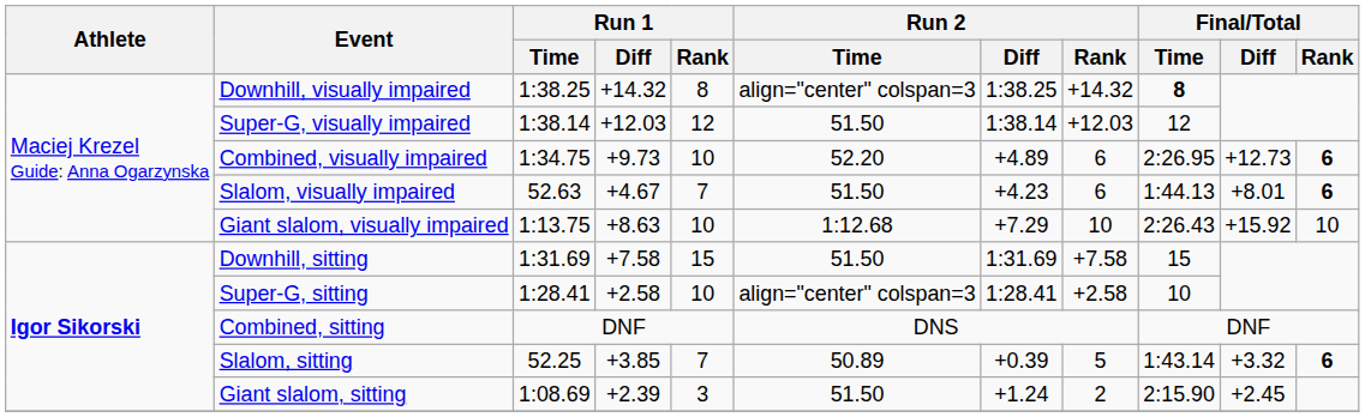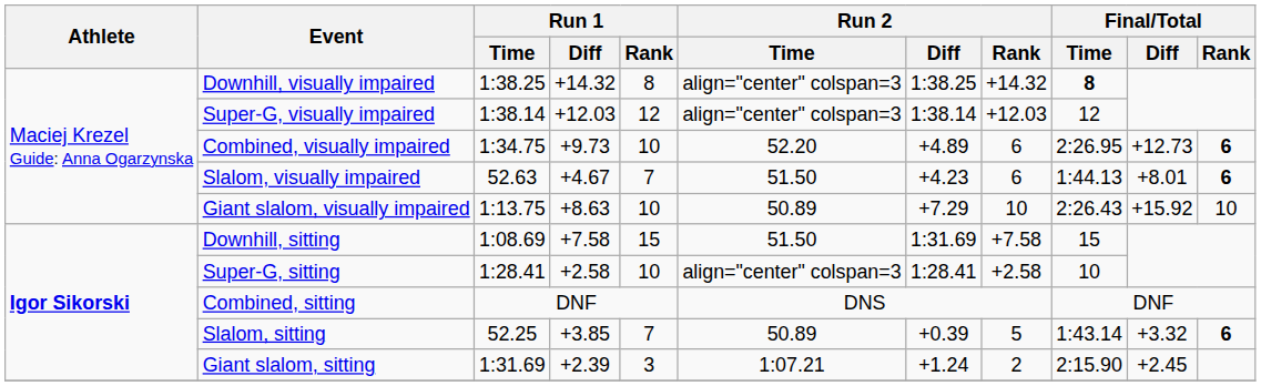 <table class="wikitable" style="font-size:90%">
 <tr>
 <th rowspan="2">Athlete</th>
 <th rowspan="2">Event</th>
 <th colspan="3">Run 1</th>
 <th colspan="3">Run 2</th>
 <th colspan="3">Final/Total</th>
 </tr>
 <tr>
 <th>Time</th>
 <th>Diff</th>
 <th>Rank</th>
 <th>Time</th>
 <th>Diff</th>
 <th>Rank</th>
 <th>Time</th>
 <th>Diff</th>
 <th>Rank</th>
 </tr>
 <tr>
 <td rowspan=5><a href='#'>Maciej Krezel</a><br><small><a href='#'>Guide</a>: <a href='#'>Anna Ogarzynska</a></small></td>
 <td><a href='#'>Downhill, visually impaired</a></td>
 <td align="center">1:38.25</td>
 <td align="center">+14.32</td>
 <td align="center">8</td>
 <td>align="center" colspan=3 </td>
 <td align="center">1:38.25</td>
 <td align="center">+14.32</td>
 <td align="center"><strong>8</strong></td>
 </tr>
 <tr>
 <td><a href='#'>Super-G, visually impaired</a></td>
 <td align="center">1:38.14</td>
 <td align="center">+12.03</td>
 <td align="center">12</td>
-<td align="center">51.50</td>
+<td>align="center" colspan=3 </td>
 <td align="center">1:38.14</td>
 <td align="center">+12.03</td>
 <td align="center">12</td>
 </tr>
 <tr>
 <td><a href='#'>Combined, visually impaired</a></td>
 <td align="center">1:34.75</td>
 <td align="center">+9.73</td>
 <td align="center">10</td>
 <td align="center">52.20</td>
 <td align="center">+4.89</td>
 <td align="center">6</td>
 <td align="center">2:26.95</td>
 <td align="center">+12.73</td>
 <td align="center"><strong>6</strong></td>
 </tr>
 <tr>
 <td><a href='#'>Slalom, visually impaired</a></td>
 <td align="center">52.63</td>
 <td align="center">+4.67</td>
 <td align="center">7</td>
 <td align="center">51.50</td>
 <td align="center">+4.23</td>
 <td align="center">6</td>
 <td align="center">1:44.13</td>
 <td align="center">+8.01</td>
 <td align="center"><strong>6</strong></td>
 </tr>
 <tr>
 <td><a href='#'>Giant slalom, visually impaired</a></td>
 <td align="center">1:13.75</td>
 <td align="center">+8.63</td>
 <td align="center">10</td>
-<td align="center">1:12.68</td>
+<td align="center">50.89</td>
 <td align="center">+7.29</td>
 <td align="center">10</td>
 <td align="center">2:26.43</td>
 <td align="center">+15.92</td>
 <td align="center">10</td>
 </tr>
 <tr>
 <td rowspan=5><strong><a href='#'>Igor Sikorski</a></strong></td>
 <td><a href='#'>Downhill, sitting</a></td>
-<td align="center">1:31.69</td>
+<td align="center">1:08.69</td>
 <td align="center">+7.58</td>
 <td align="center">15</td>
 <td align="center">51.50</td>
 <td align="center">1:31.69</td>
 <td align="center">+7.58</td>
 <td align="center">15</td>
 </tr>
 <tr>
 <td><a href='#'>Super-G, sitting</a></td>
 <td align="center">1:28.41</td>
 <td align="center">+2.58</td>
 <td align="center">10</td>
 <td>align="center" colspan=3 </td>
 <td align="center">1:28.41</td>
 <td align="center">+2.58</td>
 <td align="center">10</td>
 </tr>
 <tr>
 <td><a href='#'>Combined, sitting</a></td>
 <td align="center" colspan=3>DNF</td>
 <td align="center" colspan=3>DNS</td>
 <td align="center" colspan=3>DNF</td>
 </tr>
 <tr>
 <td><a href='#'>Slalom, sitting</a></td>
 <td align="center">52.25</td>
 <td align="center">+3.85</td>
 <td align="center">7</td>
 <td align="center">50.89</td>
 <td align="center">+0.39</td>
 <td align="center">5</td>
 <td align="center">1:43.14</td>
 <td align="center">+3.32</td>
 <td align="center"><strong>6</strong></td>
 </tr>
 <tr>
 <td><a href='#'>Giant slalom, sitting</a></td>
-<td align="center">1:08.69</td>
+<td align="center">1:31.69</td>
 <td align="center">+2.39</td>
 <td align="center">3</td>
-<td align="center">51.50</td>
+<td align="center">1:07.21</td>
 <td align="center">+1.24</td>
 <td align="center">2</td>
 <td align="center">2:15.90</td>
 <td align="center">+2.45</td>
 <td align="center"></td>
 </tr>
 <tr>
 </tr>
 </table>
